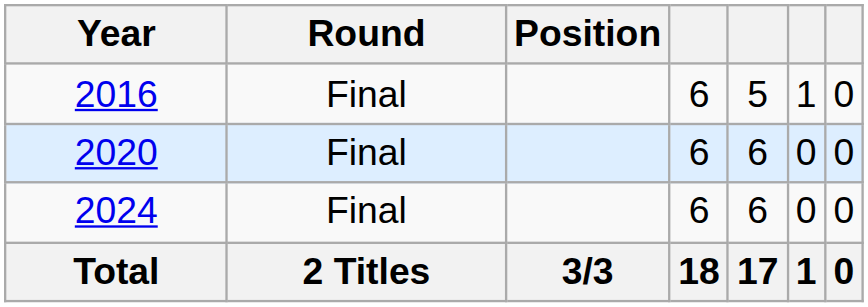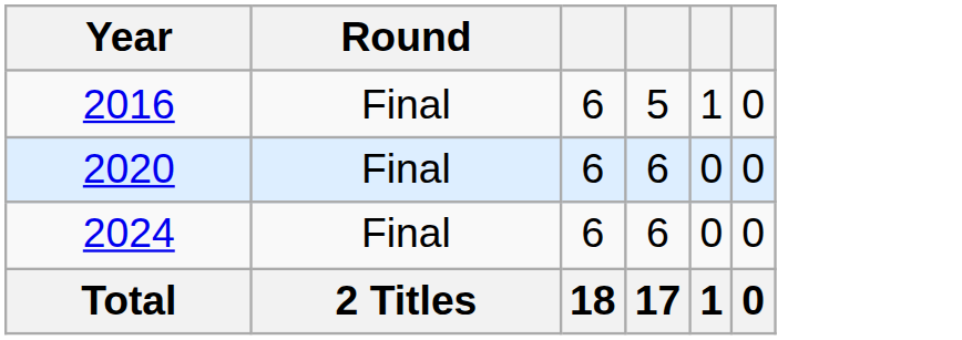 <table class="wikitable" style="text-align: center;">
 <tr>
 <th style="width:5.5em;">Year</th>
 <th style="width:7em;">Round</th>
-<th>Position</th>
 <th></th>
 <th></th>
 <th></th>
 <th></th>
 </tr>
 <tr>
 <td> <a href='#'>2016</a></td>
 <td>Final</td>
-<td></td>
 <td>6</td>
 <td>5</td>
 <td>1</td>
 <td>0</td>
 </tr>
 <tr bgcolor=#ddeeff>
 <td> <a href='#'>2020</a></td>
 <td>Final</td>
-<td></td>
 <td>6</td>
 <td>6</td>
 <td>0</td>
 <td>0</td>
 </tr>
 <tr>
 <td> <a href='#'>2024</a></td>
 <td>Final</td>
-<td></td>
 <td>6</td>
 <td>6</td>
 <td>0</td>
 <td>0</td>
 </tr>
 <tr>
 <th>Total</th>
 <th>2 Titles</th>
-<th>3/3</th>
 <th>18</th>
 <th>17</th>
 <th>1</th>
 <th>0</th>
 </tr>
 </table>
